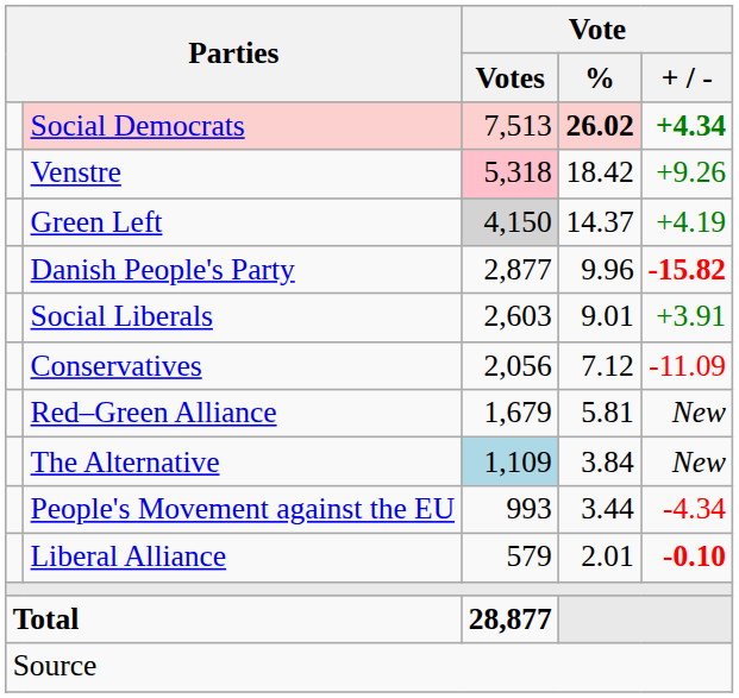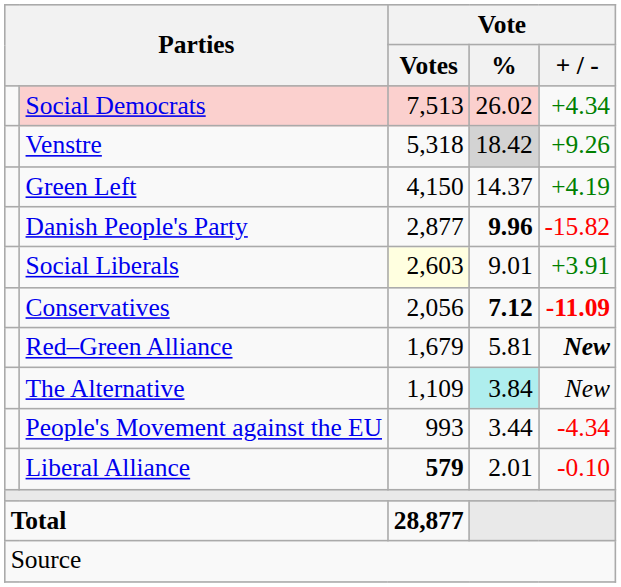 <table class="wikitable" style="text-align:right;">
 <tr>
 <th style="text-align:centre;" rowspan="2" colspan="2" width="225">Parties</th>
 <th colspan="3">Vote</th>
 </tr>
 <tr>
 <th width="15">Votes</th>
 <th width="15">%</th>
 <th width="15">+ / -</th>
 </tr>
 <tr>
 <td width="2" style="color:inherit;background:"></td>
 <td bgcolor=#fbd0ce   align="left"><a href='#'>Social Democrats</a></td>
 <td bgcolor=#fbd0ce>7,513</td>
-<td bgcolor=#fbd0ce><strong>26.02</strong></td>
-<td style=color:green;><strong>+4.34</strong></td>
+<td bgcolor=#fbd0ce>26.02</td>
+<td style=color:green;>+4.34</td>
 </tr>
 <tr>
 <td width="2" style="color:inherit;background:"></td>
 <td align="left"><a href='#'>Venstre</a></td>
-<td style="background: pink;">5,318</td>
-<td>18.42</td>
+<td>5,318</td>
+<td style="background: lightgrey;">18.42</td>
 <td style=color:green;>+9.26</td>
 </tr>
 <tr>
 <td width="2" style="color:inherit;background:"></td>
 <td align="left"><a href='#'>Green Left</a></td>
-<td style="background: lightgrey;">4,150</td>
+<td>4,150</td>
 <td>14.37</td>
 <td style=color:green;>+4.19</td>
 </tr>
 <tr>
 <td width="2" style="color:inherit;background:"></td>
 <td align="left"><a href='#'>Danish People's Party</a></td>
 <td>2,877</td>
-<td>9.96</td>
-<td style=color:red;><strong>-15.82</strong></td>
+<td><strong>9.96</strong></td>
+<td style=color:red;>-15.82</td>
 </tr>
 <tr>
 <td width="2" style="color:inherit;background:"></td>
 <td align="left"><a href='#'>Social Liberals</a></td>
-<td>2,603</td>
+<td style="background: lightyellow;">2,603</td>
 <td>9.01</td>
 <td style=color:green;>+3.91</td>
 </tr>
 <tr>
 <td width="2" style="color:inherit;background:"></td>
 <td align="left"><a href='#'>Conservatives</a></td>
 <td>2,056</td>
-<td>7.12</td>
-<td style=color:red;>-11.09</td>
+<td><strong>7.12</strong></td>
+<td style=color:red;><strong>-11.09</strong></td>
 </tr>
 <tr>
 <td width="2" style="color:inherit;background:"></td>
 <td align="left"><a href='#'>Red–Green Alliance</a></td>
 <td>1,679</td>
 <td>5.81</td>
-<td><em>New</em></td>
+<td><strong><em>New</em></strong></td>
 </tr>
 <tr>
 <td width="2" style="color:inherit;background:"></td>
 <td align="left"><a href='#'>The Alternative</a></td>
-<td style="background: lightblue;">1,109</td>
-<td>3.84</td>
+<td>1,109</td>
+<td style="background: paleturquoise;">3.84</td>
 <td><em>New</em></td>
 </tr>
 <tr>
 <td width="2" style="color:inherit;background:"></td>
 <td align="left"><a href='#'>People's Movement against the EU</a></td>
 <td>993</td>
 <td>3.44</td>
 <td style=color:red;>-4.34</td>
 </tr>
 <tr>
 <td width="2" style="color:inherit;background:"></td>
 <td align="left"><a href='#'>Liberal Alliance</a></td>
-<td>579</td>
+<td><strong>579</strong></td>
 <td>2.01</td>
-<td style=color:red;><strong>-0.10</strong></td>
+<td style=color:red;>-0.10</td>
 </tr>
 <tr>
 <td colspan="7" bgcolor="#E9E9E9"></td>
 </tr>
 <tr>
 <td align="left" colspan="2"><strong>Total</strong></td>
 <td><strong>28,877</strong></td>
 <td bgcolor="#E9E9E9" colspan="2"></td>
 </tr>
 <tr>
 <td align="left" colspan="6">Source</td>
 </tr>
 </table>
